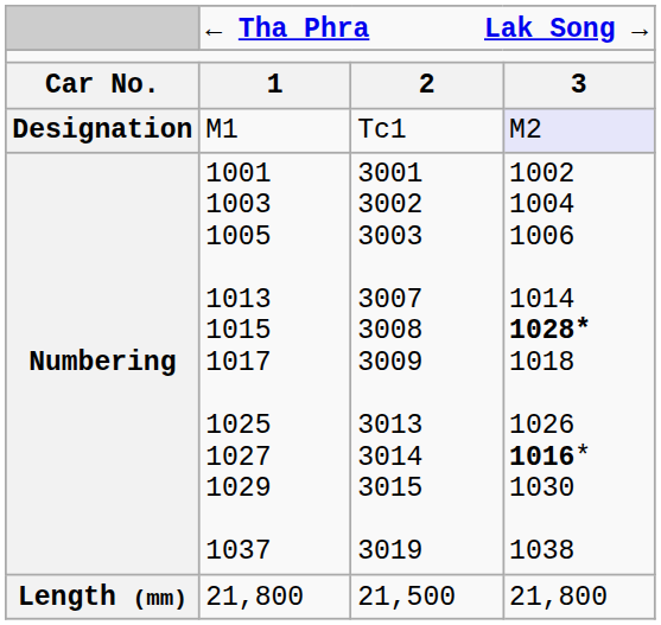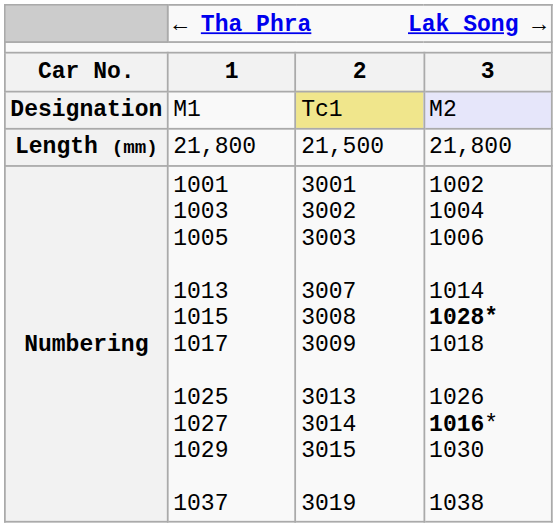 <table class="wikitable">
 <tr>
 <td style="background-color:#ccc;"> </td>
 <td colspan="3">← <strong><a href='#'>Tha Phra</a></strong>                                                    <strong><a href='#'>Lak Song</a></strong> →</td>
 </tr>
 <tr>
 <td colspan="4" style="background:#"></td>
 </tr>
 <tr>
 <th>Car No.</th>
 <th>1</th>
 <th>2</th>
 <th>3</th>
 </tr>
 <tr>
 <th>Designation</th>
 <td>M1</td>
-<td>Tc1</td>
+<td style="background: khaki;">Tc1</td>
 <td style="background: lavender;">M2</td>
+</tr>
+<tr>
+<th>Length <small>(mm)</small></th>
+<td>21,800</td>
+<td>21,500</td>
+<td>21,800</td>
 </tr>
 <tr>
 <th>Numbering</th>
 <td>1001<br>1003<br>1005<br><br>1013<br>1015<br>1017<br><br>1025<br>1027<br>1029<br><br>1037</td>
 <td>3001<br>3002<br>3003<br><br>3007<br>3008<br>3009<br><br>3013<br>3014<br>3015<br><br>3019</td>
 <td>1002<br>1004<br>1006<br><br>1014<br><strong>1028*</strong><br>1018<br><br>1026<br><strong>1016</strong>*<br>1030<br><br>1038</td>
 </tr>
-<tr>
-<th>Length <small>(mm)</small></th>
-<td>21,800</td>
-<td>21,500</td>
-<td>21,800</td>
-</tr>
 </table>
